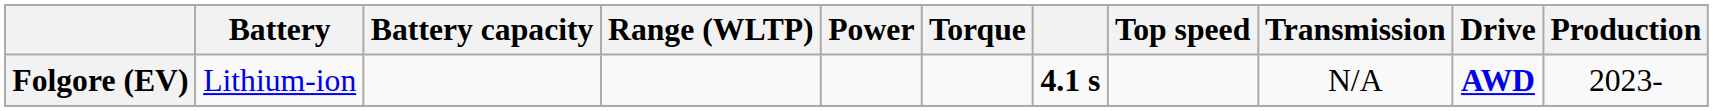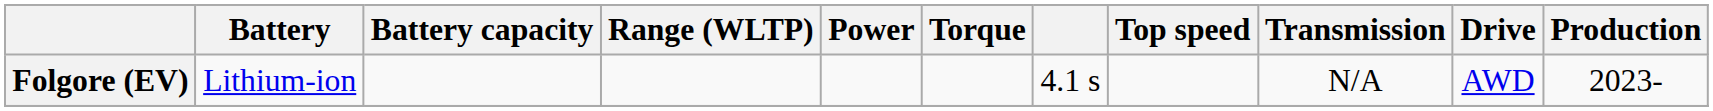 <table class="wikitable collapsible" style="font-size:100%;text-align:center;">
 <tr>
 <th></th>
 <th>Battery</th>
 <th>Battery capacity</th>
 <th>Range (WLTP)</th>
 <th>Power</th>
 <th>Torque</th>
 <th></th>
 <th>Top speed</th>
 <th>Transmission</th>
 <th>Drive</th>
 <th>Production</th>
 </tr>
 <tr>
 <th>Folgore (EV)</th>
 <td><a href='#'>Lithium-ion</a></td>
 <td></td>
 <td></td>
 <td></td>
 <td></td>
-<td><strong>4.1 s</strong></td>
+<td>4.1 s</td>
 <td></td>
 <td>N/A</td>
-<td><strong><a href='#'>AWD</a></strong></td>
+<td><a href='#'>AWD</a></td>
 <td>2023-</td>
 </tr>
 <tr>
 </tr>
 </table>
